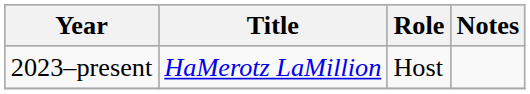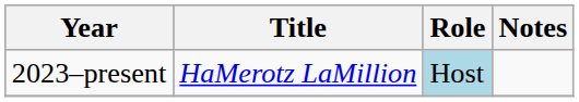 <table class="wikitable sortable">
 <tr>
 <th>Year</th>
 <th>Title</th>
 <th>Role</th>
 <th>Notes</th>
 </tr>
 <tr>
 <td>2023–present</td>
 <td><em><a href='#'>HaMerotz LaMillion</a></em></td>
-<td>Host</td>
+<td style="background: lightblue;">Host</td>
 <td></td>
 </tr>
 <tr>
 </tr>
 </table>
